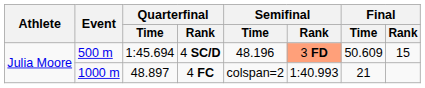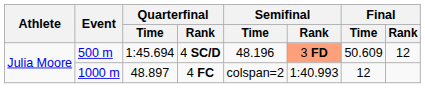 <table class="wikitable" style="font-size:90%">
 <tr>
 <th rowspan=2>Athlete</th>
 <th rowspan=2>Event</th>
 <th colspan=2>Quarterfinal</th>
 <th colspan=2>Semifinal</th>
 <th colspan=2>Final</th>
 </tr>
 <tr style="font-size:95%">
 <th>Time</th>
 <th>Rank</th>
 <th>Time</th>
 <th>Rank</th>
 <th>Time</th>
 <th>Rank</th>
 </tr>
 <tr align=center>
 <td align=left rowspan=2><a href='#'>Julia Moore</a></td>
 <td align=left><a href='#'>500 m</a></td>
 <td>1:45.694</td>
 <td>4 <strong>SC/D</strong></td>
 <td>48.196</td>
 <td style="background: lightsalmon;">3 <strong>FD</strong></td>
 <td>50.609</td>
-<td>15</td>
+<td>12</td>
 </tr>
 <tr align=center>
 <td align=left><a href='#'>1000 m</a></td>
 <td>48.897</td>
 <td>4 <strong>FC</strong></td>
 <td>colspan=2 </td>
 <td>1:40.993</td>
-<td>21</td>
+<td>12</td>
 </tr>
 </table>
